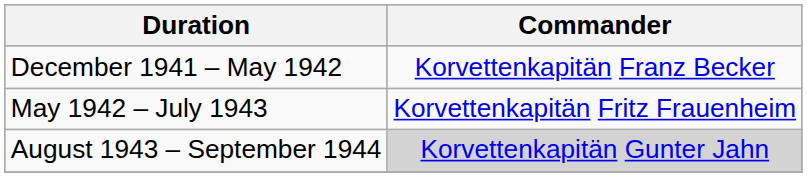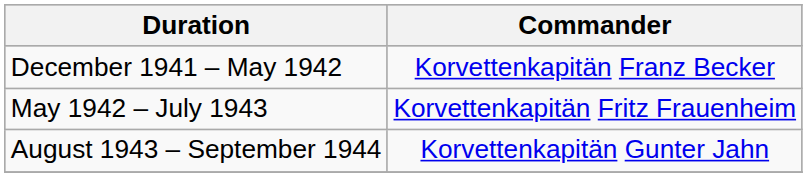 <table class="wikitable">
 <tr>
 <th align="left">Duration</th>
 <th align="center">Commander</th>
 </tr>
 <tr>
 <td align="left">December 1941 – May 1942</td>
 <td align="center"><a href='#'>Korvettenkapitän</a> <a href='#'>Franz Becker</a></td>
 </tr>
 <tr>
 <td align="left">May 1942 – July 1943</td>
 <td align="center"><a href='#'>Korvettenkapitän</a> <a href='#'>Fritz Frauenheim</a></td>
 </tr>
 <tr>
 <td align="left">August 1943 – September 1944</td>
-<td align="center" style="background: lightgrey;"><a href='#'>Korvettenkapitän</a> <a href='#'>Gunter Jahn</a></td>
+<td align="center"><a href='#'>Korvettenkapitän</a> <a href='#'>Gunter Jahn</a></td>
 </tr>
 <tr>
 </tr>
 </table>
